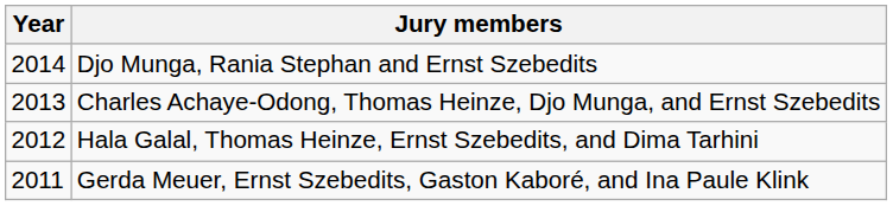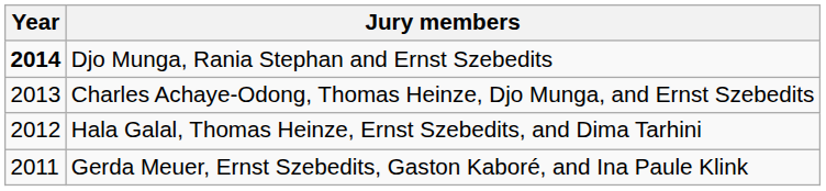 <table class="wikitable">
 <tr>
 <th>Year</th>
 <th>Jury members</th>
 </tr>
 <tr>
-<td>2014</td>
+<td><strong>2014</strong></td>
 <td>Djo Munga, Rania Stephan and Ernst Szebedits</td>
 </tr>
 <tr>
 <td>2013</td>
 <td>Charles Achaye-Odong, Thomas Heinze, Djo Munga, and Ernst Szebedits</td>
 </tr>
 <tr>
 <td>2012</td>
 <td>Hala Galal, Thomas Heinze, Ernst Szebedits, and Dima Tarhini</td>
 </tr>
 <tr>
 <td>2011</td>
 <td>Gerda Meuer, Ernst Szebedits, Gaston Kaboré, and Ina Paule Klink</td>
 </tr>
 </table>
